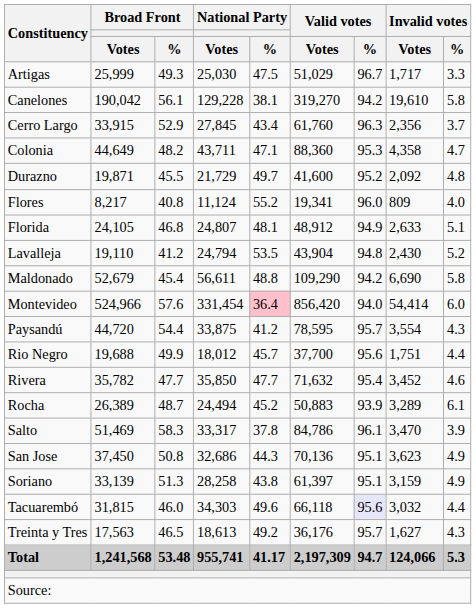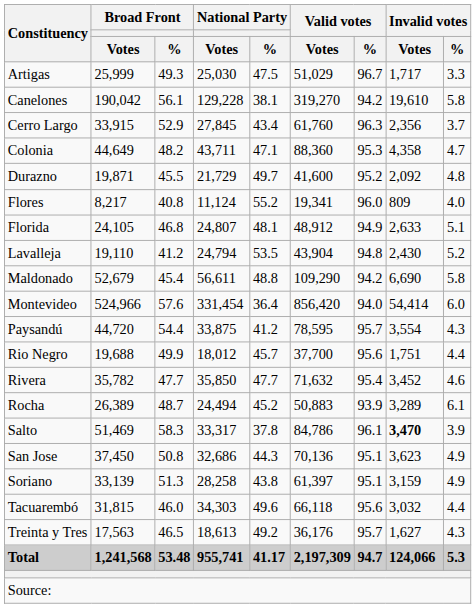 <table class="wikitable sortable collapsible collapsed tpl-blanktable" style="text-align:left; font-size:95%; line-height:20px;">
 <tr>
 <th rowspan="3">Constituency</th>
 <th colspan="2">Broad Front</th>
 <th colspan="2">National Party</th>
 <th colspan="2" rowspan="2">Valid votes</th>
 <th colspan="2" rowspan="2">Invalid votes</th>
 </tr>
 <tr>
 <th colspan="2" style="background:"></th>
 <th colspan="2" style="background:"></th>
 </tr>
 <tr>
 <th>Votes</th>
 <th data-sort-type="number">%</th>
 <th>Votes</th>
 <th data-sort-type="number">%</th>
 <th>Votes</th>
 <th>%</th>
 <th>Votes</th>
 <th>%</th>
 </tr>
 <tr>
 <td align="left">Artigas</td>
 <td style="background:">25,999</td>
 <td style="background:">49.3</td>
 <td>25,030</td>
 <td>47.5</td>
 <td>51,029</td>
 <td>96.7</td>
 <td>1,717</td>
 <td>3.3</td>
 </tr>
 <tr>
 <td align="left">Canelones</td>
 <td style="background:">190,042</td>
 <td style="background:">56.1</td>
 <td>129,228</td>
 <td>38.1</td>
 <td>319,270</td>
 <td>94.2</td>
 <td>19,610</td>
 <td>5.8</td>
 </tr>
 <tr>
 <td align="left">Cerro Largo</td>
 <td style="background:">33,915</td>
 <td style="background:">52.9</td>
 <td>27,845</td>
 <td>43.4</td>
 <td>61,760</td>
 <td>96.3</td>
 <td>2,356</td>
 <td>3.7</td>
 </tr>
 <tr>
 <td align="left">Colonia</td>
 <td style="background:">44,649</td>
 <td style="background:">48.2</td>
 <td>43,711</td>
 <td>47.1</td>
 <td>88,360</td>
 <td>95.3</td>
 <td>4,358</td>
 <td>4.7</td>
 </tr>
 <tr>
 <td align="left">Durazno</td>
 <td>19,871</td>
 <td>45.5</td>
 <td style="background:">21,729</td>
 <td style="background:">49.7</td>
 <td>41,600</td>
 <td>95.2</td>
 <td>2,092</td>
 <td>4.8</td>
 </tr>
 <tr>
 <td align="left">Flores</td>
 <td>8,217</td>
 <td>40.8</td>
 <td style="background:">11,124</td>
 <td style="background:">55.2</td>
 <td>19,341</td>
 <td>96.0</td>
 <td>809</td>
 <td>4.0</td>
 </tr>
 <tr>
 <td align="left">Florida</td>
 <td>24,105</td>
 <td>46.8</td>
 <td style="background:">24,807</td>
 <td style="background:">48.1</td>
 <td>48,912</td>
 <td>94.9</td>
 <td>2,633</td>
 <td>5.1</td>
 </tr>
 <tr>
 <td align="left">Lavalleja</td>
 <td>19,110</td>
 <td>41.2</td>
 <td style="background:">24,794</td>
 <td style="background:">53.5</td>
 <td>43,904</td>
 <td>94.8</td>
 <td>2,430</td>
 <td>5.2</td>
 </tr>
 <tr>
 <td align="left">Maldonado</td>
 <td>52,679</td>
 <td>45.4</td>
 <td style="background:">56,611</td>
 <td style="background:">48.8</td>
 <td>109,290</td>
 <td>94.2</td>
 <td>6,690</td>
 <td>5.8</td>
 </tr>
 <tr>
 <td align="left">Montevideo</td>
 <td style="background:">524,966</td>
 <td style="background:">57.6</td>
 <td>331,454</td>
-<td style="background: pink;">36.4</td>
+<td>36.4</td>
 <td>856,420</td>
 <td>94.0</td>
 <td>54,414</td>
 <td>6.0</td>
 </tr>
 <tr>
 <td align="left">Paysandú</td>
 <td style="background:">44,720</td>
 <td style="background:">54.4</td>
 <td>33,875</td>
 <td>41.2</td>
 <td>78,595</td>
 <td>95.7</td>
 <td>3,554</td>
 <td>4.3</td>
 </tr>
 <tr>
 <td align="left">Rio Negro</td>
 <td style="background:">19,688</td>
 <td style="background:">49.9</td>
 <td>18,012</td>
 <td>45.7</td>
 <td>37,700</td>
 <td>95.6</td>
 <td>1,751</td>
 <td>4.4</td>
 </tr>
 <tr>
 <td align="left">Rivera</td>
 <td>35,782</td>
 <td>47.7</td>
 <td style="background:">35,850</td>
 <td style="background:">47.7</td>
 <td>71,632</td>
 <td>95.4</td>
 <td>3,452</td>
 <td>4.6</td>
 </tr>
 <tr>
 <td align="left">Rocha</td>
 <td style="background:">26,389</td>
 <td style="background:">48.7</td>
 <td>24,494</td>
 <td>45.2</td>
 <td>50,883</td>
 <td>93.9</td>
 <td>3,289</td>
 <td>6.1</td>
 </tr>
 <tr>
 <td align="left">Salto</td>
 <td style="background:">51,469</td>
 <td style="background:">58.3</td>
 <td>33,317</td>
 <td>37.8</td>
 <td>84,786</td>
 <td>96.1</td>
-<td>3,470</td>
+<td><strong>3,470</strong></td>
 <td>3.9</td>
 </tr>
 <tr>
 <td align="left">San Jose</td>
 <td style="background:">37,450</td>
 <td style="background:">50.8</td>
 <td>32,686</td>
 <td>44.3</td>
 <td>70,136</td>
 <td>95.1</td>
 <td>3,623</td>
 <td>4.9</td>
 </tr>
 <tr>
 <td align="left">Soriano</td>
 <td style="background:">33,139</td>
 <td style="background:">51.3</td>
 <td>28,258</td>
 <td>43.8</td>
 <td>61,397</td>
 <td>95.1</td>
 <td>3,159</td>
 <td>4.9</td>
 </tr>
 <tr>
 <td align="left">Tacuarembó</td>
 <td>31,815</td>
 <td>46.0</td>
 <td style="background:">34,303</td>
 <td style="background:">49.6</td>
 <td>66,118</td>
-<td style="background: lavender;">95.6</td>
+<td>95.6</td>
 <td>3,032</td>
 <td>4.4</td>
 </tr>
 <tr>
 <td align="left">Treinta y Tres</td>
 <td>17,563</td>
 <td>46.5</td>
 <td style="background:">18,613</td>
 <td style="background:">49.2</td>
 <td>36,176</td>
 <td>95.7</td>
 <td>1,627</td>
 <td>4.3</td>
 </tr>
 <tr style="background:#CDCDCD;">
 <td align="left"><strong>Total</strong></td>
 <td style="background:"><strong>1,241,568</strong></td>
 <td style="background:"><strong>53.48</strong></td>
 <td><strong>955,741</strong></td>
 <td><strong>41.17</strong></td>
 <td><strong>2,197,309</strong></td>
 <td><strong>94.7</strong></td>
 <td><strong>124,066</strong></td>
 <td><strong>5.3</strong></td>
 </tr>
 <tr>
 <th colspan="9"></th>
 </tr>
 <tr>
 <th colspan="9" style="text-align:left; font-weight:normal; background:#F9F9F9">Source: </th>
 </tr>
 </table>
